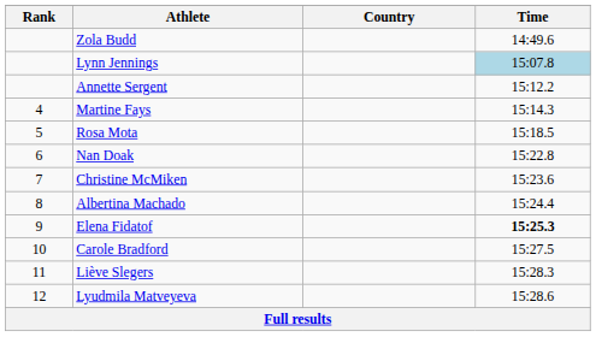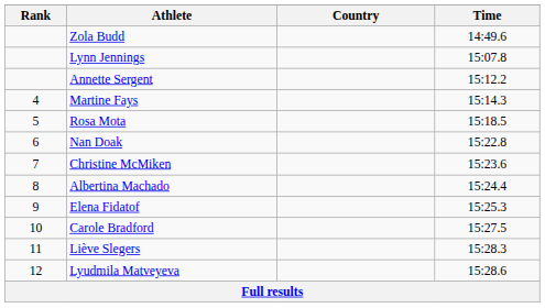 <table class="wikitable sortable" style=" text-align:center; font-size:95%;" width="50%">
 <tr>
 </tr>
 <tr>
 <th width=5%>Rank</th>
 <th width=20%>Athlete</th>
 <th width=15%>Country</th>
 <th width=10%>Time</th>
 </tr>
 <tr>
 <td align=center></td>
 <td align=left><a href='#'>Zola Budd</a></td>
 <td align=left></td>
 <td>14:49.6</td>
 </tr>
 <tr>
 <td align=center></td>
 <td align=left><a href='#'>Lynn Jennings</a></td>
 <td align=left></td>
-<td style="background: lightblue;">15:07.8</td>
+<td>15:07.8</td>
 </tr>
 <tr>
 <td align=center></td>
 <td align=left><a href='#'>Annette Sergent</a></td>
 <td align=left></td>
 <td>15:12.2</td>
 </tr>
 <tr>
 <td align=center>4</td>
 <td align=left><a href='#'>Martine Fays</a></td>
 <td align=left></td>
 <td>15:14.3</td>
 </tr>
 <tr>
 <td align=center>5</td>
 <td align=left><a href='#'>Rosa Mota</a></td>
 <td align=left></td>
 <td>15:18.5</td>
 </tr>
 <tr>
 <td align=center>6</td>
 <td align=left><a href='#'>Nan Doak</a></td>
 <td align=left></td>
 <td>15:22.8</td>
 </tr>
 <tr>
 <td align=center>7</td>
 <td align=left><a href='#'>Christine McMiken</a></td>
 <td align=left></td>
 <td>15:23.6</td>
 </tr>
 <tr>
 <td align=center>8</td>
 <td align=left><a href='#'>Albertina Machado</a></td>
 <td align=left></td>
 <td>15:24.4</td>
 </tr>
 <tr>
 <td align=center>9</td>
 <td align=left><a href='#'>Elena Fidatof</a></td>
 <td align=left></td>
-<td><strong>15:25.3</strong></td>
+<td>15:25.3</td>
 </tr>
 <tr>
 <td align=center>10</td>
 <td align=left><a href='#'>Carole Bradford</a></td>
 <td align=left></td>
 <td>15:27.5</td>
 </tr>
 <tr>
 <td align=center>11</td>
 <td align=left><a href='#'>Liève Slegers</a></td>
 <td align=left></td>
 <td>15:28.3</td>
 </tr>
 <tr>
 <td align=center>12</td>
 <td align=left><a href='#'>Lyudmila Matveyeva</a></td>
 <td align=left></td>
 <td>15:28.6</td>
 </tr>
 <tr class="sortbottom">
 <th colspan=4 align=center><a href='#'>Full results</a></th>
 </tr>
 </table>
